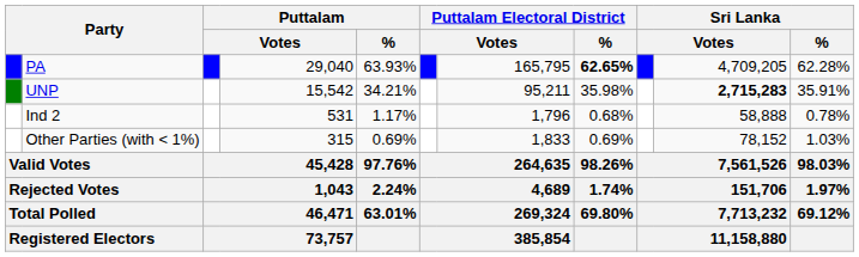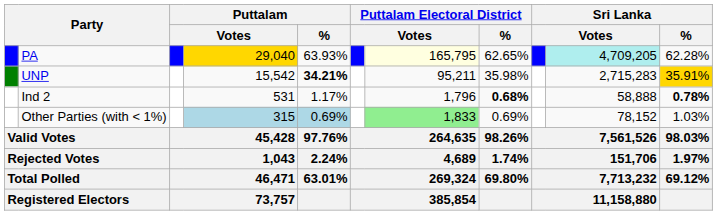 <table class="wikitable">
 <tr>
 <th colspan="2" width="144px"rowspan="2">Party</th>
 <th colspan="3" width="216px">Puttalam</th>
 <th colspan="3" width="216px"><a href='#'>Puttalam Electoral District</a></th>
 <th colspan="3" width="216px">Sri Lanka</th>
 </tr>
 <tr>
 <th colspan="2" width="144px">Votes</th>
 <th>%</th>
 <th colspan="2" width="144px">Votes</th>
 <th>%</th>
 <th colspan="2" width="144px">Votes</th>
 <th>%</th>
 </tr>
 <tr>
 <td style="background-color:blue;" width="10px"></td>
 <td style="text-align:left;"><a href='#'>PA</a></td>
 <td style="background-color:blue;" width="10px"></td>
-<td style="text-align:right;">29,040</td>
+<td style="background: gold; text-align:right;">29,040</td>
 <td style="text-align:right;">63.93%</td>
 <td style="background-color:blue;" width="10px"></td>
-<td style="text-align:right;">165,795</td>
-<td style="text-align:right;"><strong>62.65%</strong></td>
+<td style="background: lightyellow; text-align:right;">165,795</td>
+<td style="text-align:right;">62.65%</td>
 <td style="background-color:blue;" width="10px"></td>
-<td style="text-align:right;">4,709,205</td>
+<td style="background: paleturquoise; text-align:right;">4,709,205</td>
 <td style="text-align:right;">62.28%</td>
 </tr>
 <tr>
 <td style="background-color:green;" width="10px"></td>
 <td style="text-align:left;"><a href='#'>UNP</a></td>
 <td style="background-color:white;" width="10px"></td>
 <td style="text-align:right;">15,542</td>
-<td style="text-align:right;">34.21%</td>
+<td style="text-align:right;"><strong>34.21%</strong></td>
 <td style="background-color:white;" width="10px"></td>
 <td style="text-align:right;">95,211</td>
 <td style="text-align:right;">35.98%</td>
 <td style="background-color:white;" width="10px"></td>
-<td style="text-align:right;"><strong>2,715,283</strong></td>
-<td style="text-align:right;">35.91%</td>
+<td style="text-align:right;">2,715,283</td>
+<td style="background: gold; text-align:right;">35.91%</td>
 </tr>
 <tr>
 <td style="background-color:white;" width="10px"></td>
 <td style="text-align:left;">Ind 2</td>
 <td style="background-color:white;" width="10px"></td>
 <td style="text-align:right;">531</td>
 <td style="text-align:right;">1.17%</td>
 <td style="background-color:white;" width="10px"></td>
 <td style="text-align:right;">1,796</td>
-<td style="text-align:right;">0.68%</td>
+<td style="text-align:right;"><strong>0.68%</strong></td>
 <td style="background-color:white;" width="10px"></td>
 <td style="text-align:right;">58,888</td>
-<td style="text-align:right;">0.78%</td>
+<td style="text-align:right;"><strong>0.78%</strong></td>
 </tr>
 <tr>
 <td style="background-color:white;" width="10px"></td>
 <td style="text-align:left;">Other Parties (with < 1%)</td>
 <td style="background-color:white;" width="10px"></td>
-<td style="text-align:right;">315</td>
-<td style="text-align:right;">0.69%</td>
+<td style="background: lightblue; text-align:right;">315</td>
+<td style="background: lightblue; text-align:right;">0.69%</td>
 <td style="background-color:white;" width="10px"></td>
-<td style="text-align:right;">1,833</td>
+<td style="background: lightgreen; text-align:right;">1,833</td>
 <td style="text-align:right;">0.69%</td>
 <td style="background-color:white;" width="10px"></td>
 <td style="text-align:right;">78,152</td>
 <td style="text-align:right;">1.03%</td>
 </tr>
 <tr>
 <th colspan="2" width="144px"style="text-align:left;">Valid Votes</th>
 <th style="text-align:right;"colspan="2" width="144px">45,428</th>
 <th style="text-align:right;">97.76%</th>
 <th style="text-align:right;"colspan="2" width="144px">264,635</th>
 <th style="text-align:right;">98.26%</th>
 <th style="text-align:right;"colspan="2" width="144px">7,561,526</th>
 <th style="text-align:right;">98.03%</th>
 </tr>
 <tr>
 <th colspan="2" width="144px"style="text-align:left;">Rejected Votes</th>
 <th style="text-align:right;"colspan="2" width="144px">1,043</th>
 <th style="text-align:right;">2.24%</th>
 <th style="text-align:right;"colspan="2" width="144px">4,689</th>
 <th style="text-align:right;">1.74%</th>
 <th style="text-align:right;"colspan="2" width="144px">151,706</th>
 <th style="text-align:right;">1.97%</th>
 </tr>
 <tr>
 <th colspan="2" width="144px"style="text-align:left;">Total Polled</th>
 <th style="text-align:right;"colspan="2" width="144px">46,471</th>
 <th style="text-align:right;">63.01%</th>
 <th style="text-align:right;"colspan="2" width="144px">269,324</th>
 <th style="text-align:right;">69.80%</th>
 <th style="text-align:right;"colspan="2" width="144px">7,713,232</th>
 <th style="text-align:right;">69.12%</th>
 </tr>
 <tr>
 <th colspan="2" width="144px"style="text-align:left;">Registered Electors</th>
 <th style="text-align:right;"colspan="2" width="144px">73,757</th>
 <th></th>
 <th style="text-align:right;"colspan="2" width="144px">385,854</th>
 <th></th>
 <th style="text-align:right;"colspan="2" width="144px">11,158,880</th>
 <th></th>
 </tr>
 </table>
